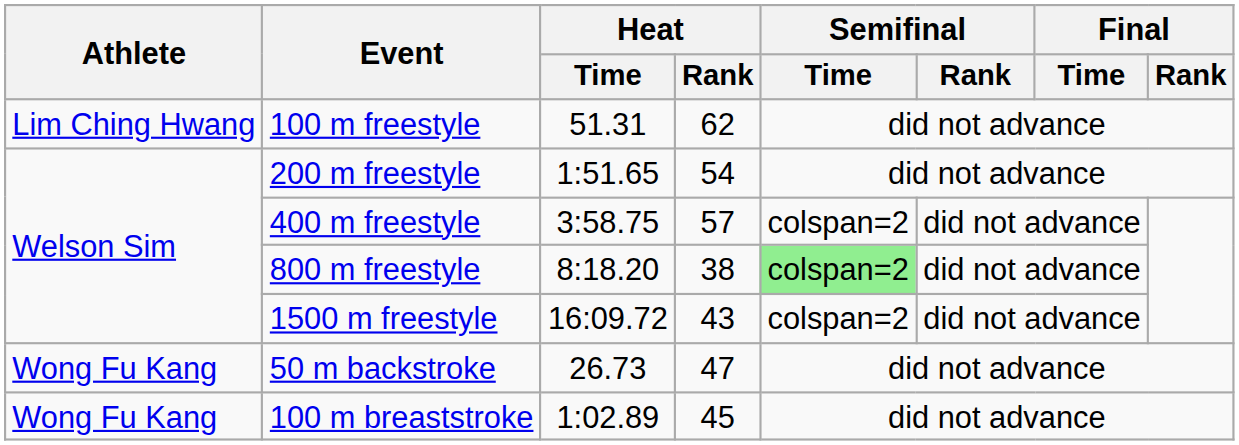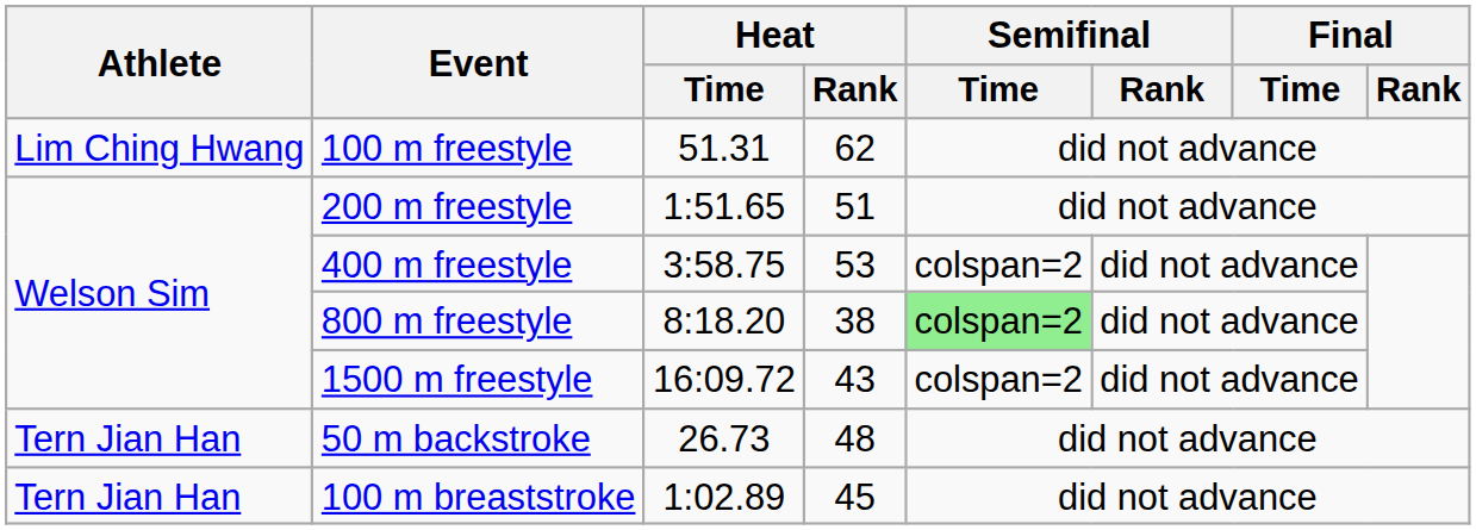 <table class=wikitable style="font-size:90%">
 <tr>
 <th rowspan="2">Athlete</th>
 <th rowspan="2">Event</th>
 <th colspan="2">Heat</th>
 <th colspan="2">Semifinal</th>
 <th colspan="2">Final</th>
 </tr>
 <tr style="font-size:95%">
 <th>Time</th>
 <th>Rank</th>
 <th>Time</th>
 <th>Rank</th>
 <th>Time</th>
 <th>Rank</th>
 </tr>
 <tr align=center>
 <td align=left><a href='#'>Lim Ching Hwang</a></td>
 <td align=left><a href='#'>100 m freestyle</a></td>
 <td>51.31</td>
 <td>62</td>
 <td colspan=4>did not advance</td>
 </tr>
 <tr align=center>
 <td align=left rowspan=4><a href='#'>Welson Sim</a></td>
 <td align=left><a href='#'>200 m freestyle</a></td>
 <td>1:51.65</td>
-<td>54</td>
+<td>51</td>
 <td colspan=4>did not advance</td>
 </tr>
 <tr align=center>
 <td align=left><a href='#'>400 m freestyle</a></td>
 <td>3:58.75</td>
-<td>57</td>
+<td>53</td>
 <td>colspan=2 </td>
 <td colspan=2>did not advance</td>
 </tr>
 <tr align=center>
 <td align=left><a href='#'>800 m freestyle</a></td>
 <td>8:18.20</td>
 <td>38</td>
 <td style="background: lightgreen;">colspan=2 </td>
 <td colspan=2>did not advance</td>
 </tr>
 <tr align=center>
 <td align=left><a href='#'>1500 m freestyle</a></td>
 <td>16:09.72</td>
 <td>43</td>
 <td>colspan=2 </td>
 <td colspan=2>did not advance</td>
 </tr>
 <tr align=center>
-<td align=left><a href='#'>Wong Fu Kang</a></td>
+<td align=left><a href='#'>Tern Jian Han</a></td>
 <td align=left><a href='#'>50 m backstroke</a></td>
 <td>26.73</td>
-<td>47</td>
+<td>48</td>
 <td colspan=4>did not advance</td>
 </tr>
 <tr align=center>
-<td align=left><a href='#'>Wong Fu Kang</a></td>
+<td align=left><a href='#'>Tern Jian Han</a></td>
 <td align=left><a href='#'>100 m breaststroke</a></td>
 <td>1:02.89</td>
 <td>45</td>
 <td colspan=4>did not advance</td>
 </tr>
 </table>
